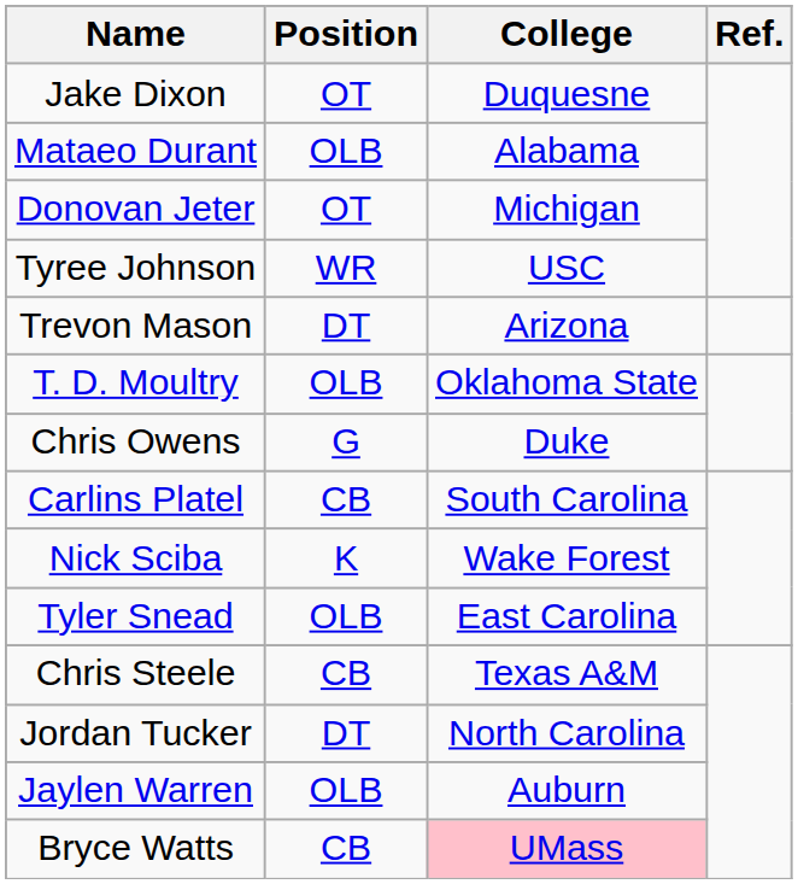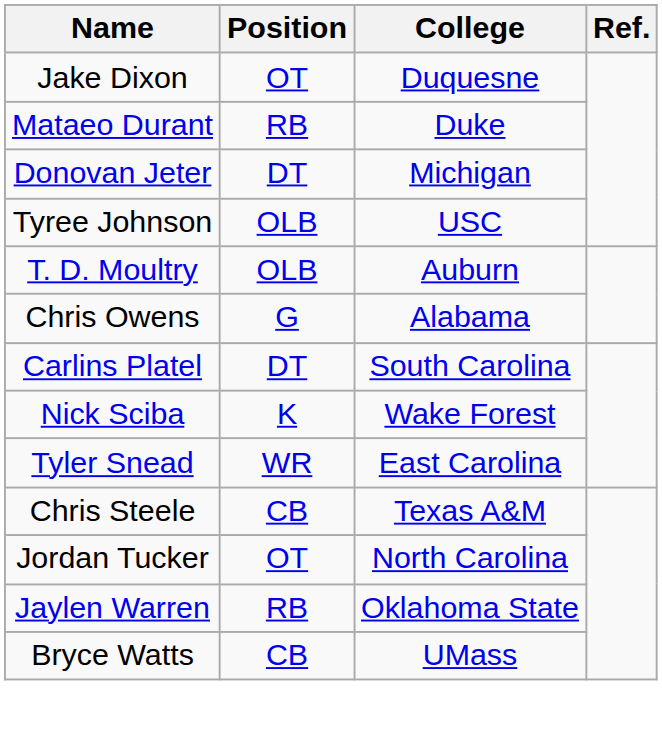 <table class="wikitable" style="text-align:center">
 <tr>
 <th>Name</th>
 <th>Position</th>
 <th>College</th>
 <th>Ref.</th>
 </tr>
 <tr>
 <td>Jake Dixon</td>
 <td><a href='#'>OT</a></td>
 <td><a href='#'>Duquesne</a></td>
 <td rowspan = 4></td>
 </tr>
 <tr>
 <td><a href='#'>Mataeo Durant</a></td>
-<td><a href='#'>OLB</a></td>
-<td><a href='#'>Alabama</a></td>
+<td><a href='#'>RB</a></td>
+<td><a href='#'>Duke</a></td>
 </tr>
 <tr>
 <td><a href='#'>Donovan Jeter</a></td>
-<td><a href='#'>OT</a></td>
+<td><a href='#'>DT</a></td>
 <td><a href='#'>Michigan</a></td>
 </tr>
 <tr>
 <td>Tyree Johnson</td>
-<td><a href='#'>WR</a></td>
+<td><a href='#'>OLB</a></td>
 <td><a href='#'>USC</a></td>
-</tr>
-<tr>
-<td>Trevon Mason</td>
-<td><a href='#'>DT</a></td>
-<td><a href='#'>Arizona</a></td>
-<td></td>
 </tr>
 <tr>
 <td><a href='#'>T. D. Moultry</a></td>
 <td><a href='#'>OLB</a></td>
-<td><a href='#'>Oklahoma State</a></td>
+<td><a href='#'>Auburn</a></td>
 <td rowspan = 2></td>
 </tr>
 <tr>
 <td>Chris Owens</td>
 <td><a href='#'>G</a></td>
-<td><a href='#'>Duke</a></td>
+<td><a href='#'>Alabama</a></td>
 </tr>
 <tr>
 <td><a href='#'>Carlins Platel</a></td>
-<td><a href='#'>CB</a></td>
+<td><a href='#'>DT</a></td>
 <td><a href='#'>South Carolina</a></td>
 <td rowspan = 3></td>
 </tr>
 <tr>
 <td><a href='#'>Nick Sciba</a></td>
 <td><a href='#'>K</a></td>
 <td><a href='#'>Wake Forest</a></td>
 </tr>
 <tr>
 <td><a href='#'>Tyler Snead</a></td>
-<td><a href='#'>OLB</a></td>
+<td><a href='#'>WR</a></td>
 <td><a href='#'>East Carolina</a></td>
 </tr>
 <tr>
 <td>Chris Steele</td>
 <td><a href='#'>CB</a></td>
 <td><a href='#'>Texas A&M</a></td>
 <td rowspan = 4></td>
 </tr>
 <tr>
 <td>Jordan Tucker</td>
-<td><a href='#'>DT</a></td>
+<td><a href='#'>OT</a></td>
 <td><a href='#'>North Carolina</a></td>
 </tr>
 <tr>
 <td><a href='#'>Jaylen Warren</a></td>
-<td><a href='#'>OLB</a></td>
-<td><a href='#'>Auburn</a></td>
+<td><a href='#'>RB</a></td>
+<td><a href='#'>Oklahoma State</a></td>
 </tr>
 <tr>
 <td>Bryce Watts</td>
 <td><a href='#'>CB</a></td>
-<td style="background: pink;"><a href='#'>UMass</a></td>
+<td><a href='#'>UMass</a></td>
 </tr>
 </table>
